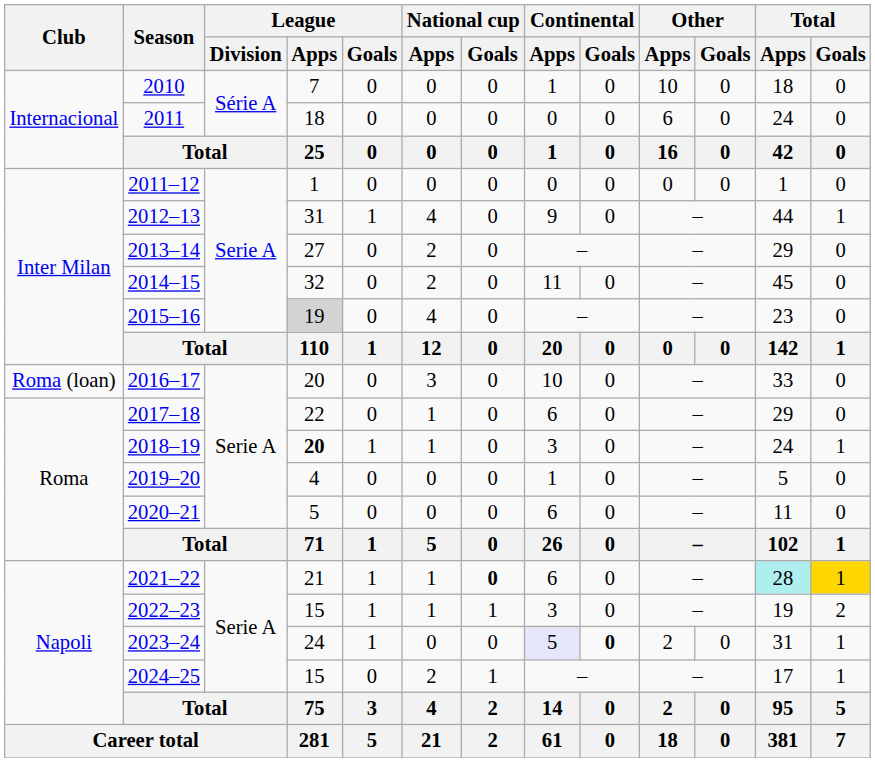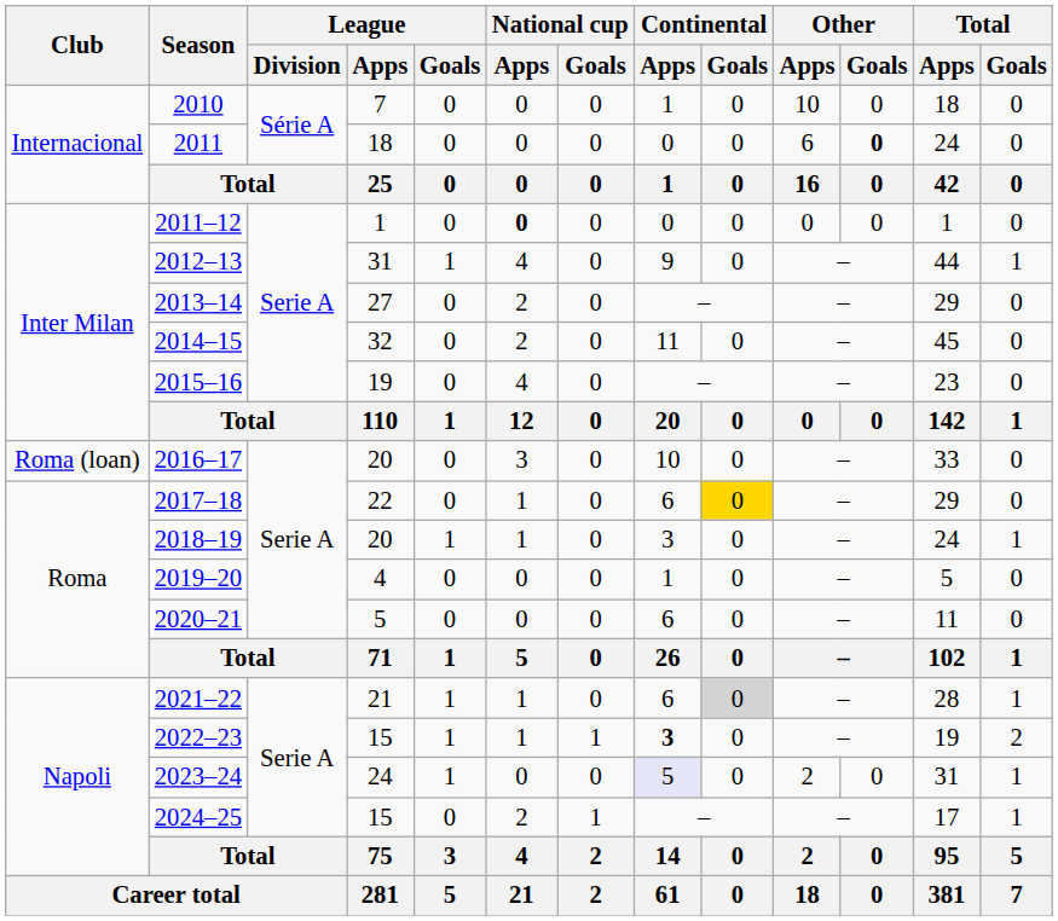 <table class="wikitable" style="text-align: center">
 <tr>
 <th rowspan="2">Club</th>
 <th rowspan="2">Season</th>
 <th colspan="3">League</th>
 <th colspan="2">National cup</th>
 <th colspan="2">Continental</th>
 <th colspan="2">Other</th>
 <th colspan="2">Total</th>
 </tr>
 <tr>
 <th>Division</th>
 <th>Apps</th>
 <th>Goals</th>
 <th>Apps</th>
 <th>Goals</th>
 <th>Apps</th>
 <th>Goals</th>
 <th>Apps</th>
 <th>Goals</th>
 <th>Apps</th>
 <th>Goals</th>
 </tr>
 <tr>
 <td rowspan="3"><a href='#'>Internacional</a></td>
 <td><a href='#'>2010</a></td>
 <td rowspan="2"><a href='#'>Série A</a></td>
 <td>7</td>
 <td>0</td>
 <td>0</td>
 <td>0</td>
 <td>1</td>
 <td>0</td>
 <td>10</td>
 <td>0</td>
 <td>18</td>
 <td>0</td>
 </tr>
 <tr>
 <td><a href='#'>2011</a></td>
 <td>18</td>
 <td>0</td>
 <td>0</td>
 <td>0</td>
 <td>0</td>
 <td>0</td>
 <td>6</td>
-<td>0</td>
+<td><strong>0</strong></td>
 <td>24</td>
 <td>0</td>
 </tr>
 <tr>
 <th colspan="2">Total</th>
 <th>25</th>
 <th>0</th>
 <th>0</th>
 <th>0</th>
 <th>1</th>
 <th>0</th>
 <th>16</th>
 <th>0</th>
 <th>42</th>
 <th>0</th>
 </tr>
 <tr>
 <td rowspan="6"><a href='#'>Inter Milan</a></td>
 <td><a href='#'>2011–12</a></td>
 <td rowspan="5"><a href='#'>Serie A</a></td>
 <td>1</td>
 <td>0</td>
-<td>0</td>
+<td><strong>0</strong></td>
 <td>0</td>
 <td>0</td>
 <td>0</td>
 <td>0</td>
 <td>0</td>
 <td>1</td>
 <td>0</td>
 </tr>
 <tr>
 <td><a href='#'>2012–13</a></td>
 <td>31</td>
 <td>1</td>
 <td>4</td>
 <td>0</td>
 <td>9</td>
 <td>0</td>
 <td colspan=2>–</td>
 <td>44</td>
 <td>1</td>
 </tr>
 <tr>
 <td><a href='#'>2013–14</a></td>
 <td>27</td>
 <td>0</td>
 <td>2</td>
 <td>0</td>
 <td colspan=2>–</td>
 <td colspan=2>–</td>
 <td>29</td>
 <td>0</td>
 </tr>
 <tr>
 <td><a href='#'>2014–15</a></td>
 <td>32</td>
 <td>0</td>
 <td>2</td>
 <td>0</td>
 <td>11</td>
 <td>0</td>
 <td colspan=2>–</td>
 <td>45</td>
 <td>0</td>
 </tr>
 <tr>
 <td><a href='#'>2015–16</a></td>
-<td style="background: lightgrey;">19</td>
+<td>19</td>
 <td>0</td>
 <td>4</td>
 <td>0</td>
 <td colspan=2>–</td>
 <td colspan=2>–</td>
 <td>23</td>
 <td>0</td>
 </tr>
 <tr>
 <th colspan="2">Total</th>
 <th>110</th>
 <th>1</th>
 <th>12</th>
 <th>0</th>
 <th>20</th>
 <th>0</th>
 <th>0</th>
 <th>0</th>
 <th>142</th>
 <th>1</th>
 </tr>
 <tr>
 <td><a href='#'>Roma</a> (loan)</td>
 <td><a href='#'>2016–17</a></td>
 <td rowspan="5">Serie A</td>
 <td>20</td>
 <td>0</td>
 <td>3</td>
 <td>0</td>
 <td>10</td>
 <td>0</td>
 <td colspan="2">–</td>
 <td>33</td>
 <td>0</td>
 </tr>
 <tr>
 <td rowspan="5">Roma</td>
 <td><a href='#'>2017–18</a></td>
 <td>22</td>
 <td>0</td>
 <td>1</td>
 <td>0</td>
 <td>6</td>
-<td>0</td>
+<td style="background: gold;">0</td>
 <td colspan="2">–</td>
 <td>29</td>
 <td>0</td>
 </tr>
 <tr>
 <td><a href='#'>2018–19</a></td>
-<td><strong>20</strong></td>
+<td>20</td>
 <td>1</td>
 <td>1</td>
 <td>0</td>
 <td>3</td>
 <td>0</td>
 <td colspan="2">–</td>
 <td>24</td>
 <td>1</td>
 </tr>
 <tr>
 <td><a href='#'>2019–20</a></td>
 <td>4</td>
 <td>0</td>
 <td>0</td>
 <td>0</td>
 <td>1</td>
 <td>0</td>
 <td colspan="2">–</td>
 <td>5</td>
 <td>0</td>
 </tr>
 <tr>
 <td><a href='#'>2020–21</a></td>
 <td>5</td>
 <td>0</td>
 <td>0</td>
 <td>0</td>
 <td>6</td>
 <td>0</td>
 <td colspan="2">–</td>
 <td>11</td>
 <td>0</td>
 </tr>
 <tr>
 <th colspan="2">Total</th>
 <th>71</th>
 <th>1</th>
 <th>5</th>
 <th>0</th>
 <th>26</th>
 <th>0</th>
 <th colspan="2">–</th>
 <th>102</th>
 <th>1</th>
 </tr>
 <tr>
 <td rowspan="5"><a href='#'>Napoli</a></td>
 <td><a href='#'>2021–22</a></td>
 <td rowspan="4">Serie A</td>
 <td>21</td>
 <td>1</td>
 <td>1</td>
-<td><strong>0</strong></td>
+<td>0</td>
 <td>6</td>
-<td>0</td>
+<td style="background: lightgrey;">0</td>
 <td colspan="2">–</td>
-<td style="background: paleturquoise;">28</td>
-<td style="background: gold;">1</td>
+<td>28</td>
+<td>1</td>
 </tr>
 <tr>
 <td><a href='#'>2022–23</a></td>
 <td>15</td>
 <td>1</td>
 <td>1</td>
 <td>1</td>
-<td>3</td>
+<td><strong>3</strong></td>
 <td>0</td>
 <td colspan="2">–</td>
 <td>19</td>
 <td>2</td>
 </tr>
 <tr>
 <td><a href='#'>2023–24</a></td>
 <td>24</td>
 <td>1</td>
 <td>0</td>
 <td>0</td>
 <td style="background: lavender;">5</td>
-<td><strong>0</strong></td>
+<td>0</td>
 <td>2</td>
 <td>0</td>
 <td>31</td>
 <td>1</td>
 </tr>
 <tr>
 <td><a href='#'>2024–25</a></td>
 <td>15</td>
 <td>0</td>
 <td>2</td>
 <td>1</td>
 <td colspan="2">–</td>
 <td colspan="2">–</td>
 <td>17</td>
 <td>1</td>
 </tr>
 <tr>
 <th colspan="2">Total</th>
 <th>75</th>
 <th>3</th>
 <th>4</th>
 <th>2</th>
 <th>14</th>
 <th>0</th>
 <th>2</th>
 <th>0</th>
 <th>95</th>
 <th>5</th>
 </tr>
 <tr>
 <th colspan="3">Career total</th>
 <th>281</th>
 <th>5</th>
 <th>21</th>
 <th>2</th>
 <th>61</th>
 <th>0</th>
 <th>18</th>
 <th>0</th>
 <th>381</th>
 <th>7</th>
 </tr>
 </table>
